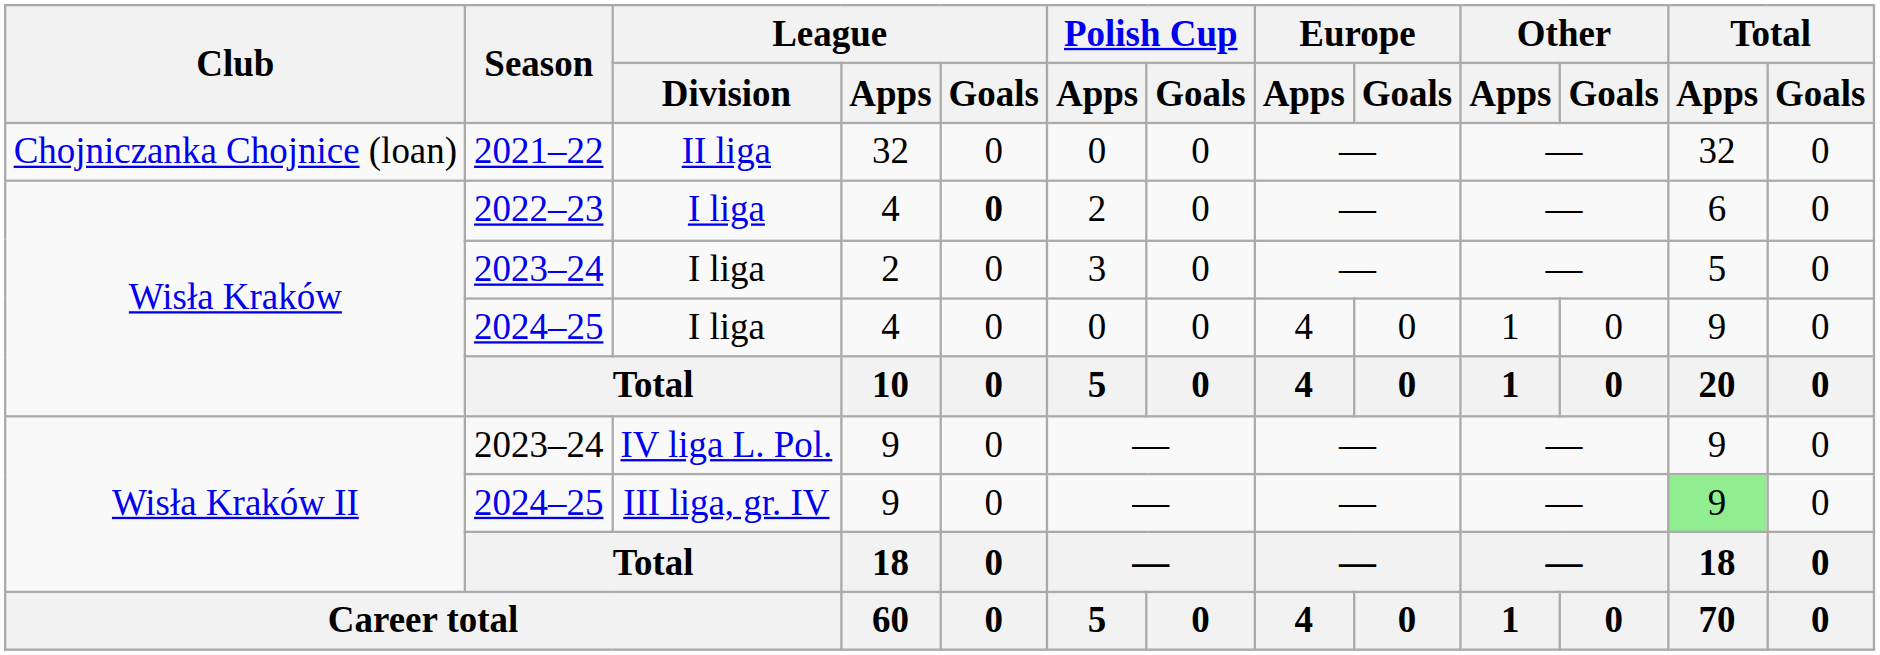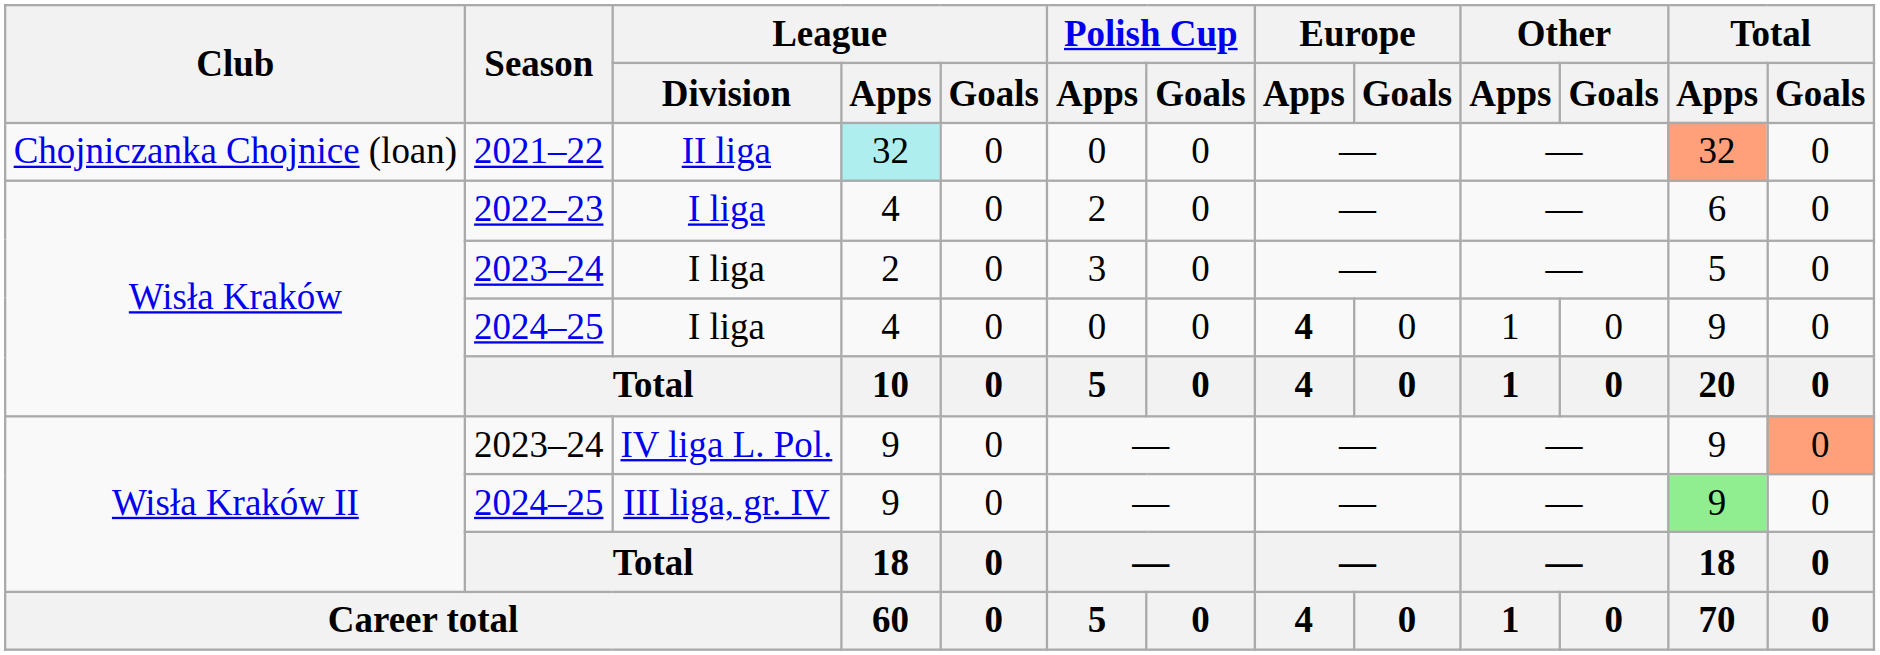 <table class="wikitable" style="text-align: center;">
 <tr>
 <th rowspan="2">Club</th>
 <th rowspan="2">Season</th>
 <th colspan="3">League</th>
 <th colspan="2"><a href='#'>Polish Cup</a></th>
 <th colspan="2">Europe</th>
 <th colspan="2">Other</th>
 <th colspan="2">Total</th>
 </tr>
 <tr>
 <th>Division</th>
 <th>Apps</th>
 <th>Goals</th>
 <th>Apps</th>
 <th>Goals</th>
 <th>Apps</th>
 <th>Goals</th>
 <th>Apps</th>
 <th>Goals</th>
 <th>Apps</th>
 <th>Goals</th>
 </tr>
 <tr>
 <td><a href='#'>Chojniczanka Chojnice</a> (loan)</td>
 <td><a href='#'>2021–22</a></td>
 <td><a href='#'>II liga</a></td>
-<td>32</td>
+<td style="background: paleturquoise;">32</td>
 <td>0</td>
 <td>0</td>
 <td>0</td>
 <td colspan="2">—</td>
 <td colspan="2">—</td>
-<td>32</td>
+<td style="background: lightsalmon;">32</td>
 <td>0</td>
 </tr>
 <tr>
 <td rowspan=4><a href='#'>Wisła Kraków</a></td>
 <td><a href='#'>2022–23</a></td>
 <td><a href='#'>I liga</a></td>
 <td>4</td>
-<td><strong>0</strong></td>
+<td>0</td>
 <td>2</td>
 <td>0</td>
 <td colspan="2">—</td>
 <td colspan="2">—</td>
 <td>6</td>
 <td>0</td>
 </tr>
 <tr>
 <td><a href='#'>2023–24</a></td>
 <td>I liga</td>
 <td>2</td>
 <td>0</td>
 <td>3</td>
 <td>0</td>
 <td colspan="2">—</td>
 <td colspan="2">—</td>
 <td>5</td>
 <td>0</td>
 </tr>
 <tr>
 <td><a href='#'>2024–25</a></td>
 <td>I liga</td>
 <td>4</td>
 <td>0</td>
 <td>0</td>
 <td>0</td>
-<td>4</td>
+<td><strong>4</strong></td>
 <td>0</td>
 <td>1</td>
 <td>0</td>
 <td>9</td>
 <td>0</td>
 </tr>
 <tr>
 <th colspan="2">Total</th>
 <th>10</th>
 <th>0</th>
 <th>5</th>
 <th>0</th>
 <th>4</th>
 <th>0</th>
 <th>1</th>
 <th>0</th>
 <th>20</th>
 <th>0</th>
 </tr>
 <tr>
 <td rowspan=3><a href='#'>Wisła Kraków II</a></td>
 <td>2023–24</td>
 <td><a href='#'>IV liga L. Pol.</a></td>
 <td>9</td>
 <td>0</td>
 <td colspan="2">—</td>
 <td colspan="2">—</td>
 <td colspan="2">—</td>
 <td>9</td>
-<td>0</td>
+<td style="background: lightsalmon;">0</td>
 </tr>
 <tr>
 <td><a href='#'>2024–25</a></td>
 <td><a href='#'>III liga, gr. IV</a></td>
 <td>9</td>
 <td>0</td>
 <td colspan="2">—</td>
 <td colspan="2">—</td>
 <td colspan="2">—</td>
 <td style="background: lightgreen;">9</td>
 <td>0</td>
 </tr>
 <tr>
 <th colspan="2">Total</th>
 <th>18</th>
 <th>0</th>
 <th colspan="2">—</th>
 <th colspan="2">—</th>
 <th colspan="2">—</th>
 <th>18</th>
 <th>0</th>
 </tr>
 <tr>
 <th colspan="3">Career total</th>
 <th>60</th>
 <th>0</th>
 <th>5</th>
 <th>0</th>
 <th>4</th>
 <th>0</th>
 <th>1</th>
 <th>0</th>
 <th>70</th>
 <th>0</th>
 </tr>
 </table>
